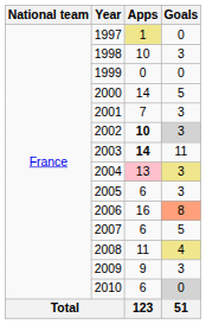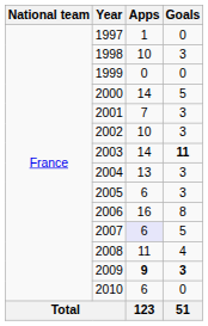 <table class="wikitable" style="text-align:center">
 <tr>
 <th>National team</th>
 <th>Year</th>
 <th>Apps</th>
 <th>Goals</th>
 </tr>
 <tr>
 <td rowspan="14"><a href='#'>France</a></td>
 <td>1997</td>
-<td style="background: khaki;">1</td>
+<td>1</td>
 <td>0</td>
 </tr>
 <tr>
 <td>1998</td>
 <td>10</td>
 <td>3</td>
 </tr>
 <tr>
 <td>1999</td>
 <td>0</td>
 <td>0</td>
 </tr>
 <tr>
 <td>2000</td>
 <td>14</td>
 <td>5</td>
 </tr>
 <tr>
 <td>2001</td>
 <td>7</td>
 <td>3</td>
 </tr>
 <tr>
 <td>2002</td>
-<td><strong>10</strong></td>
-<td style="background: lightgrey;">3</td>
+<td>10</td>
+<td>3</td>
 </tr>
 <tr>
 <td>2003</td>
-<td><strong>14</strong></td>
-<td>11</td>
+<td>14</td>
+<td><strong>11</strong></td>
 </tr>
 <tr>
 <td>2004</td>
-<td style="background: pink;">13</td>
-<td style="background: khaki;">3</td>
+<td>13</td>
+<td>3</td>
 </tr>
 <tr>
 <td>2005</td>
 <td>6</td>
 <td>3</td>
 </tr>
 <tr>
 <td>2006</td>
 <td>16</td>
-<td style="background: lightsalmon;">8</td>
+<td>8</td>
 </tr>
 <tr>
 <td>2007</td>
-<td>6</td>
+<td style="background: lavender;">6</td>
 <td>5</td>
 </tr>
 <tr>
 <td>2008</td>
 <td>11</td>
-<td style="background: khaki;">4</td>
+<td>4</td>
 </tr>
 <tr>
 <td>2009</td>
-<td>9</td>
-<td>3</td>
+<td><strong>9</strong></td>
+<td><strong>3</strong></td>
 </tr>
 <tr>
 <td>2010</td>
 <td>6</td>
-<td style="background: lightgrey;">0</td>
+<td>0</td>
 </tr>
 <tr>
 <th colspan="2">Total</th>
 <th>123</th>
 <th>51</th>
 </tr>
 </table>
